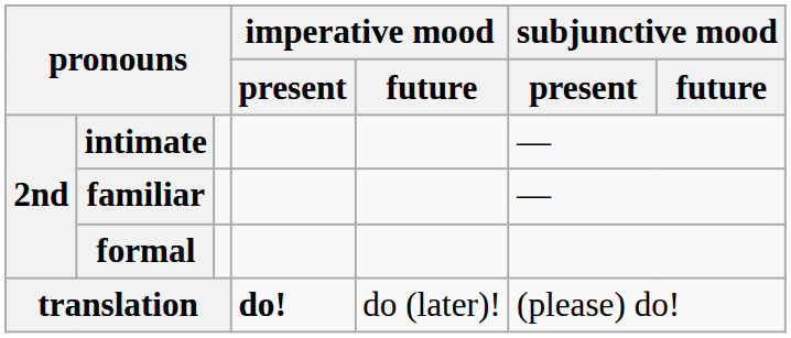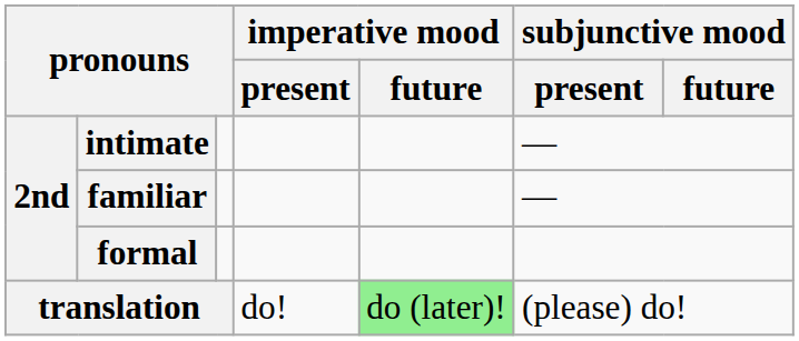 <table class="wikitable">
 <tr>
 <th colspan="3" rowspan="2">pronouns</th>
 <th colspan="2">imperative mood</th>
 <th colspan="2">subjunctive mood</th>
 </tr>
 <tr>
 <th>present</th>
 <th>future</th>
 <th>present</th>
 <th>future</th>
 </tr>
 <tr>
 <th rowspan="3">2nd</th>
 <th>intimate</th>
 <td></td>
 <td></td>
 <td></td>
 <td colspan="2">—</td>
 </tr>
 <tr>
 <th>familiar</th>
 <td></td>
 <td></td>
 <td></td>
 <td colspan="2">—</td>
 </tr>
 <tr>
 <th>formal</th>
 <td></td>
 <td></td>
 <td></td>
 <td colspan="2"></td>
 </tr>
 <tr>
 <th colspan="3">translation</th>
-<td><strong>do!</strong></td>
-<td>do (later)!</td>
+<td>do!</td>
+<td style="background: lightgreen;">do (later)!</td>
 <td colspan="2">(please) do!</td>
 </tr>
 </table>
